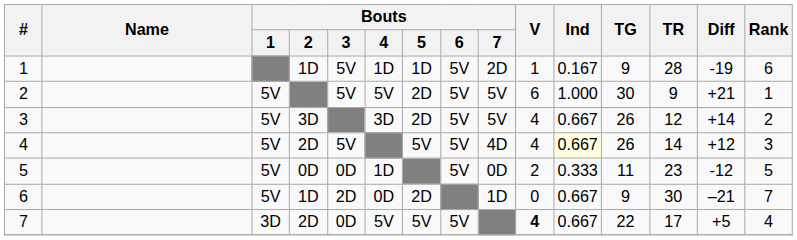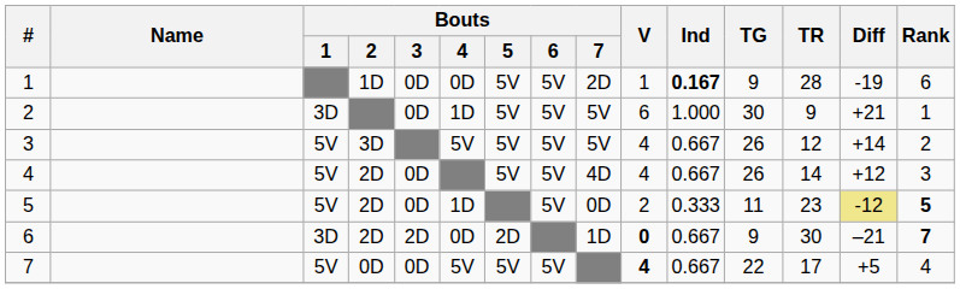 <table class="wikitable" style="text-align:center;">
 <tr>
 <th rowspan=2 width=30>#</th>
 <th rowspan=2 width=200>Name</th>
 <th colspan=7>Bouts</th>
 <th rowspan=2 width=30>V</th>
 <th rowspan=2 width=40>Ind</th>
 <th rowspan=2 width=40>TG</th>
 <th rowspan=2 width=40>TR</th>
 <th rowspan=2 width=40>Diff</th>
 <th rowspan=2 width=30>Rank</th>
 </tr>
 <tr>
 <th width=30>1</th>
 <th width=30>2</th>
 <th width=30>3</th>
 <th width=30>4</th>
 <th width=30>5</th>
 <th width=30>6</th>
 <th width=30>7</th>
 </tr>
 <tr>
 <td>1</td>
 <td align=left></td>
 <td bgcolor=grey></td>
 <td>1D</td>
+<td>0D</td>
+<td>0D</td>
 <td>5V</td>
-<td>1D</td>
-<td>1D</td>
 <td>5V</td>
 <td>2D</td>
 <td>1</td>
-<td>0.167</td>
+<td><strong>0.167</strong></td>
 <td>9</td>
 <td>28</td>
 <td>-19</td>
 <td>6</td>
 </tr>
 <tr>
 <td>2</td>
 <td align=left></td>
+<td>3D</td>
+<td bgcolor=grey></td>
+<td>0D</td>
+<td>1D</td>
 <td>5V</td>
-<td bgcolor=grey></td>
-<td>5V</td>
-<td>5V</td>
-<td>2D</td>
 <td>5V</td>
 <td>5V</td>
 <td>6</td>
 <td>1.000</td>
 <td>30</td>
 <td>9</td>
 <td>+21</td>
 <td>1</td>
 </tr>
 <tr>
 <td>3</td>
 <td align=left></td>
 <td>5V</td>
 <td>3D</td>
 <td bgcolor=grey></td>
-<td>3D</td>
-<td>2D</td>
+<td>5V</td>
+<td>5V</td>
 <td>5V</td>
 <td>5V</td>
 <td>4</td>
 <td>0.667</td>
 <td>26</td>
 <td>12</td>
 <td>+14</td>
 <td>2</td>
 </tr>
 <tr>
 <td>4</td>
 <td align=left></td>
 <td>5V</td>
 <td>2D</td>
-<td>5V</td>
+<td>0D</td>
 <td bgcolor=grey></td>
 <td>5V</td>
 <td>5V</td>
 <td>4D</td>
 <td>4</td>
-<td style="background: lightyellow;">0.667</td>
+<td>0.667</td>
 <td>26</td>
 <td>14</td>
 <td>+12</td>
 <td>3</td>
 </tr>
 <tr>
 <td>5</td>
 <td align=left></td>
 <td>5V</td>
-<td>0D</td>
+<td>2D</td>
 <td>0D</td>
 <td>1D</td>
 <td bgcolor=grey></td>
 <td>5V</td>
 <td>0D</td>
 <td>2</td>
 <td>0.333</td>
 <td>11</td>
 <td>23</td>
-<td>-12</td>
-<td>5</td>
+<td style="background: khaki;">-12</td>
+<td><strong>5</strong></td>
 </tr>
 <tr>
 <td>6</td>
 <td align=left></td>
-<td>5V</td>
-<td>1D</td>
+<td>3D</td>
+<td>2D</td>
 <td>2D</td>
 <td>0D</td>
 <td>2D</td>
 <td bgcolor=grey></td>
 <td>1D</td>
-<td>0</td>
+<td><strong>0</strong></td>
 <td>0.667</td>
 <td>9</td>
 <td>30</td>
 <td>–21</td>
-<td>7</td>
+<td><strong>7</strong></td>
 </tr>
 <tr>
 <td>7</td>
 <td align=left></td>
-<td>3D</td>
-<td>2D</td>
+<td>5V</td>
+<td>0D</td>
 <td>0D</td>
 <td>5V</td>
 <td>5V</td>
 <td>5V</td>
 <td bgcolor=grey></td>
 <td><strong>4</strong></td>
 <td>0.667</td>
 <td>22</td>
 <td>17</td>
 <td>+5</td>
 <td>4</td>
 </tr>
 <tr>
 </tr>
 </table>
